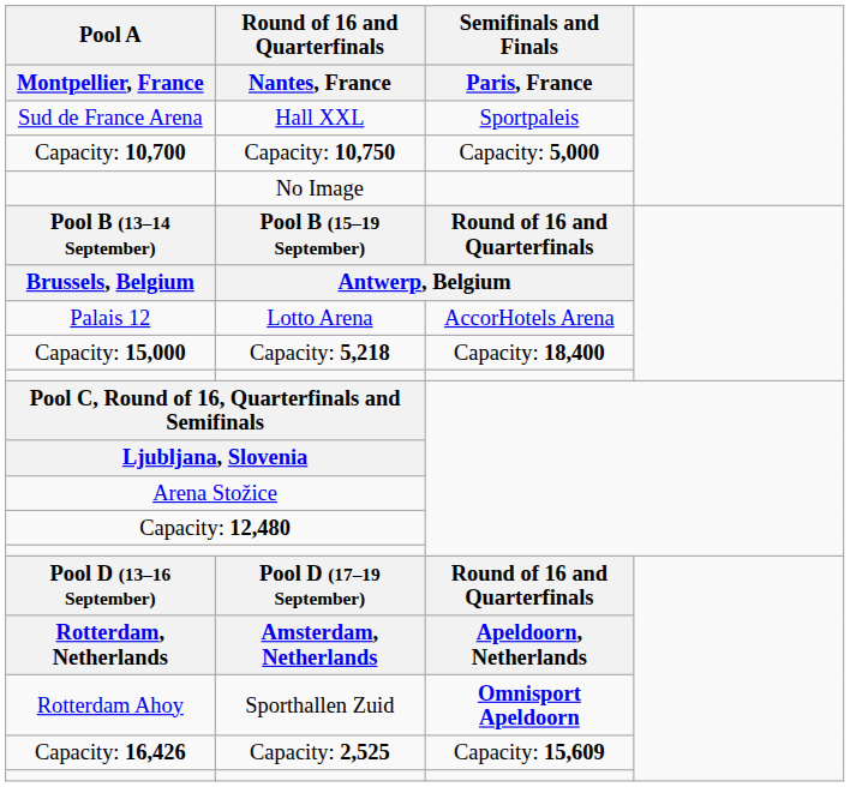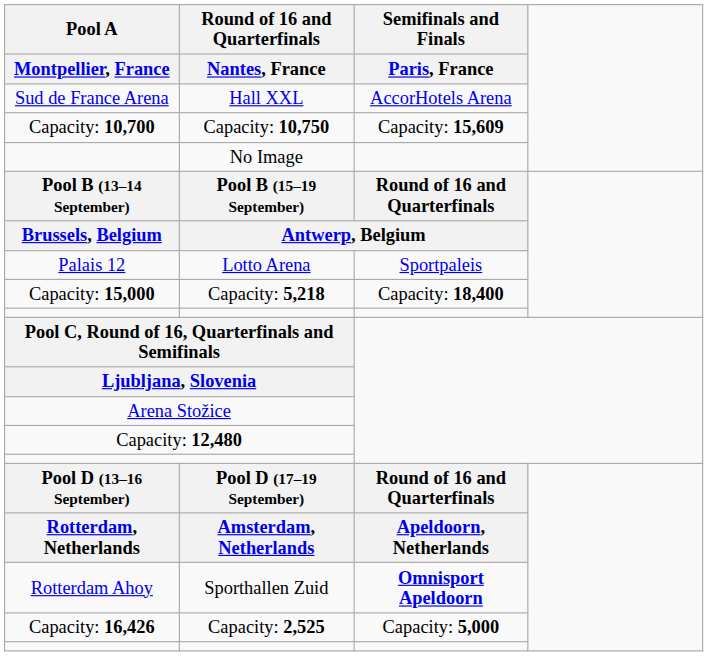 <table class="wikitable" style="text-align:center;">
 <tr>
 <th style="width: 25%;">Pool A</th>
 <th style="width: 25%;">Round of 16 and Quarterfinals</th>
 <th style="width: 25%;">Semifinals and Finals</th>
 <td style="width: 25%;" rowspan="5"></td>
 </tr>
 <tr>
 <th> <a href='#'>Montpellier</a>, <a href='#'>France</a></th>
 <th> <a href='#'>Nantes</a>, France</th>
 <th> <a href='#'>Paris</a>, France</th>
 </tr>
 <tr>
 <td><a href='#'>Sud de France Arena</a></td>
 <td><a href='#'>Hall XXL</a></td>
-<td><a href='#'>Sportpaleis</a></td>
+<td><a href='#'>AccorHotels Arena</a></td>
 </tr>
 <tr>
 <td>Capacity: <strong>10,700</strong></td>
 <td>Capacity: <strong>10,750</strong></td>
-<td>Capacity: <strong>5,000</strong></td>
+<td>Capacity: <strong>15,609</strong></td>
 </tr>
 <tr>
 <td></td>
 <td>No Image</td>
 <td></td>
 </tr>
 <tr>
 <th style="width: 25%;">Pool B <small>(13–14 September)</small></th>
 <th style="width: 25%;">Pool B <small>(15–19 September)</small></th>
 <th style="width: 25%;">Round of 16 and Quarterfinals</th>
 <td style="width: 25%;" rowspan="5"></td>
 </tr>
 <tr>
 <th> <a href='#'>Brussels</a>, <a href='#'>Belgium</a></th>
 <th colspan="2"> <a href='#'>Antwerp</a>, Belgium</th>
 </tr>
 <tr>
 <td><a href='#'>Palais 12</a></td>
 <td><a href='#'>Lotto Arena</a></td>
-<td><a href='#'>AccorHotels Arena</a></td>
+<td><a href='#'>Sportpaleis</a></td>
 </tr>
 <tr>
 <td>Capacity: <strong>15,000</strong></td>
 <td>Capacity: <strong>5,218</strong></td>
 <td>Capacity: <strong>18,400</strong></td>
 </tr>
 <tr>
 <td></td>
 <td></td>
 <td></td>
 </tr>
 <tr>
 <th colspan="2" style="width: 50%;">Pool C, Round of 16, Quarterfinals and Semifinals</th>
 <td style="width: 50%;"  colspan="2" rowspan="5"></td>
 </tr>
 <tr>
 <th colspan="2"> <a href='#'>Ljubljana</a>, <a href='#'>Slovenia</a></th>
 </tr>
 <tr>
 <td colspan="2"><a href='#'>Arena Stožice</a></td>
 </tr>
 <tr>
 <td colspan="2">Capacity: <strong>12,480</strong></td>
 </tr>
 <tr>
 <td colspan="2"></td>
 </tr>
 <tr>
 <th style="width: 25%;">Pool D <small>(13–16 September)</small></th>
 <th style="width: 25%;">Pool D <small>(17–19 September)</small></th>
 <th style="width: 25%;">Round of 16 and Quarterfinals</th>
 <td style="width: 25%;" rowspan="5"></td>
 </tr>
 <tr>
 <th> <a href='#'>Rotterdam</a>, Netherlands</th>
 <th> <a href='#'>Amsterdam</a>, <a href='#'>Netherlands</a></th>
 <th> <a href='#'>Apeldoorn</a>, Netherlands</th>
 </tr>
 <tr>
 <td><a href='#'>Rotterdam Ahoy</a></td>
 <td>Sporthallen Zuid</td>
 <td><strong><a href='#'>Omnisport Apeldoorn</a></strong></td>
 </tr>
 <tr>
 <td>Capacity: <strong>16,426</strong></td>
 <td>Capacity: <strong>2,525</strong></td>
-<td>Capacity: <strong>15,609</strong></td>
+<td>Capacity: <strong>5,000</strong></td>
 </tr>
 <tr>
 <td></td>
 <td></td>
 <td></td>
 </tr>
 </table>
